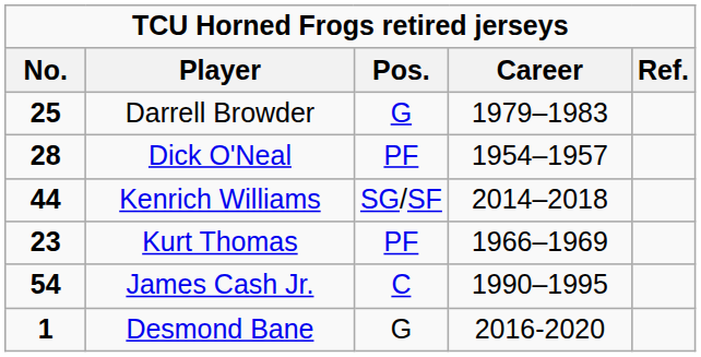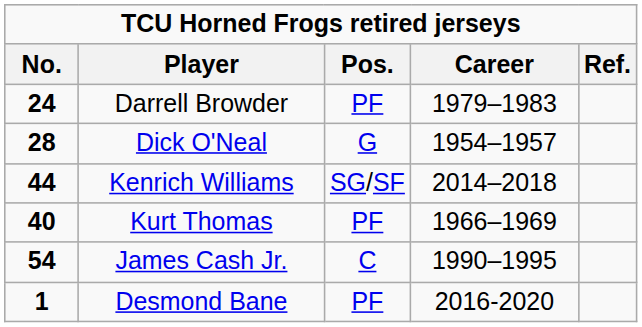 <table class="wikitable sortable" style="text-align:center">
 <tr>
 <td colspan=6><strong>TCU Horned Frogs retired jerseys</strong></td>
 </tr>
 <tr>
 <th width=40px>No.</th>
 <th width=150px>Player</th>
 <th width=px>Pos.</th>
 <th width=100px>Career</th>
 <th width=px>Ref.</th>
 </tr>
 <tr>
-<td><strong>25</strong></td>
+<td><strong>24</strong></td>
 <td>Darrell Browder</td>
-<td><a href='#'>G</a></td>
+<td><a href='#'>PF</a></td>
 <td>1979–1983</td>
 <td></td>
 </tr>
 <tr>
 <td><strong>28</strong></td>
 <td><a href='#'>Dick O'Neal</a></td>
-<td><a href='#'>PF</a></td>
+<td><a href='#'>G</a></td>
 <td>1954–1957</td>
 <td></td>
 </tr>
 <tr>
 <td><strong>44</strong></td>
 <td><a href='#'>Kenrich Williams</a></td>
 <td><a href='#'>SG</a>/<a href='#'>SF</a></td>
 <td>2014–2018</td>
 <td></td>
 </tr>
 <tr>
-<td><strong>23</strong></td>
+<td><strong>40</strong></td>
 <td><a href='#'>Kurt Thomas</a></td>
 <td><a href='#'>PF</a></td>
 <td>1966–1969</td>
 <td></td>
 </tr>
 <tr>
 <td><strong>54</strong></td>
 <td><a href='#'>James Cash Jr.</a></td>
 <td><a href='#'>C</a></td>
 <td>1990–1995</td>
 <td></td>
 </tr>
 <tr>
 <td><strong>1</strong></td>
 <td><a href='#'>Desmond Bane</a></td>
-<td>G</td>
+<td><a href='#'>PF</a></td>
 <td>2016-2020</td>
 <td></td>
 </tr>
 </table>
